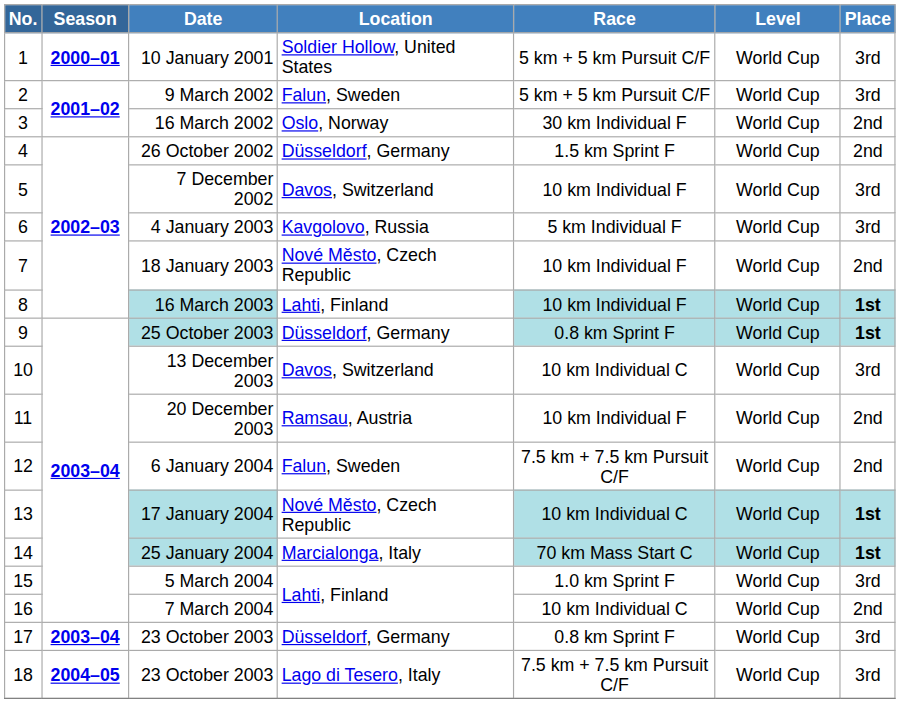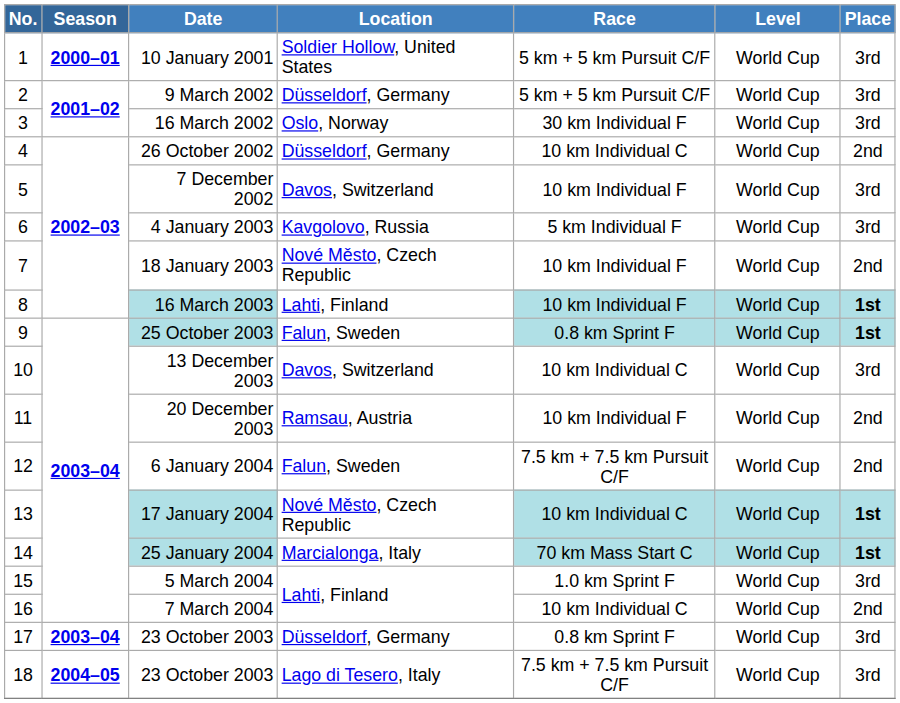 <table class="wikitable sortable" style="font-size:95%; text-align:center; border:grey solid 1px; border-collapse:collapse; background:#ffffff;">
 <tr style="background:#efefef;">
 <th style="background-color:#369; color:white;">No.</th>
 <th style="background-color:#369; color:white;">Season</th>
 <th style="background-color:#4180be; color:white; width:120px;">Date</th>
 <th style="background-color:#4180be; color:white; width:195px;">Location</th>
 <th style="background-color:#4180be; color:white; width:165px;">Race</th>
 <th style="background-color:#4180be; color:white; width:100px;">Level</th>
 <th style="background-color:#4180be; color:white;">Place</th>
 </tr>
 <tr>
 <td align=center>1</td>
 <td rowspan=1 align=center><strong> <a href='#'>2000–01</a> </strong></td>
 <td align=right>10 January 2001</td>
 <td align=left> <a href='#'>Soldier Hollow</a>, United States</td>
 <td>5 km + 5 km Pursuit C/F</td>
 <td>World Cup</td>
 <td>3rd</td>
 </tr>
 <tr>
 <td align=center>2</td>
 <td rowspan=2 align=center><strong> <a href='#'>2001–02</a> </strong></td>
 <td align=right>9 March 2002</td>
-<td align=left> <a href='#'>Falun</a>, Sweden</td>
+<td align=left> <a href='#'>Düsseldorf</a>, Germany</td>
 <td>5 km + 5 km Pursuit C/F</td>
 <td>World Cup</td>
 <td>3rd</td>
 </tr>
 <tr>
 <td align=center>3</td>
 <td align=right>16 March 2002</td>
 <td align=left> <a href='#'>Oslo</a>, Norway</td>
 <td>30 km Individual F</td>
 <td>World Cup</td>
-<td>2nd</td>
+<td>3rd</td>
 </tr>
 <tr>
 <td align=center>4</td>
 <td rowspan=5 align=center><strong> <a href='#'>2002–03</a> </strong></td>
 <td align=right>26 October 2002</td>
 <td align=left> <a href='#'>Düsseldorf</a>, Germany</td>
-<td>1.5 km Sprint F</td>
+<td>10 km Individual C</td>
 <td>World Cup</td>
 <td>2nd</td>
 </tr>
 <tr>
 <td align=center>5</td>
 <td align=right>7 December 2002</td>
 <td align=left> <a href='#'>Davos</a>, Switzerland</td>
 <td>10 km Individual F</td>
 <td>World Cup</td>
 <td>3rd</td>
 </tr>
 <tr>
 <td align=center>6</td>
 <td align=right>4 January 2003</td>
 <td align=left> <a href='#'>Kavgolovo</a>, Russia</td>
 <td>5 km Individual F</td>
 <td>World Cup</td>
 <td>3rd</td>
 </tr>
 <tr>
 <td align=center>7</td>
 <td align=right>18 January 2003</td>
 <td align=left> <a href='#'>Nové Město</a>, Czech Republic</td>
 <td>10 km Individual F</td>
 <td>World Cup</td>
 <td>2nd</td>
 </tr>
 <tr>
 <td align=center>8</td>
 <td bgcolor="#BOEOE6" align=right>16 March 2003</td>
 <td align=left> <a href='#'>Lahti</a>, Finland</td>
 <td bgcolor="#BOEOE6">10 km Individual F</td>
 <td bgcolor="#BOEOE6">World Cup</td>
 <td bgcolor="#BOEOE6"><strong>1st</strong></td>
 </tr>
 <tr>
 <td align=center>9</td>
 <td rowspan=8 align=center><strong><a href='#'>2003–04</a></strong></td>
 <td bgcolor="#BOEOE6" align=right>25 October 2003</td>
-<td align=left> <a href='#'>Düsseldorf</a>, Germany</td>
+<td align=left> <a href='#'>Falun</a>, Sweden</td>
 <td bgcolor="#BOEOE6">0.8 km Sprint F</td>
 <td bgcolor="#BOEOE6">World Cup</td>
 <td bgcolor="#BOEOE6"><strong>1st</strong></td>
 </tr>
 <tr>
 <td align=center>10</td>
 <td align=right>13 December 2003</td>
 <td align=left> <a href='#'>Davos</a>, Switzerland</td>
 <td>10 km Individual C</td>
 <td>World Cup</td>
 <td>3rd</td>
 </tr>
 <tr>
 <td align=center>11</td>
 <td align=right>20 December 2003</td>
 <td align=left> <a href='#'>Ramsau</a>, Austria</td>
 <td>10 km Individual F</td>
 <td>World Cup</td>
 <td>2nd</td>
 </tr>
 <tr>
 <td align=center>12</td>
 <td align=right>6 January 2004</td>
 <td align=left> <a href='#'>Falun</a>, Sweden</td>
 <td>7.5 km + 7.5 km Pursuit C/F</td>
 <td>World Cup</td>
 <td>2nd</td>
 </tr>
 <tr>
 <td align=center>13</td>
 <td bgcolor="#BOEOE6" align=right>17 January 2004</td>
 <td align=left> <a href='#'>Nové Město</a>, Czech Republic</td>
 <td bgcolor="#BOEOE6">10 km Individual C</td>
 <td bgcolor="#BOEOE6">World Cup</td>
 <td bgcolor="#BOEOE6"><strong>1st</strong></td>
 </tr>
 <tr>
 <td align=center>14</td>
 <td bgcolor="#BOEOE6" align=right>25 January 2004</td>
 <td align=left> <a href='#'>Marcialonga</a>, Italy</td>
 <td bgcolor="#BOEOE6">70 km Mass Start C</td>
 <td bgcolor="#BOEOE6">World Cup</td>
 <td bgcolor="#BOEOE6"><strong>1st</strong></td>
 </tr>
 <tr>
 <td align=center>15</td>
 <td align=right>5 March 2004</td>
 <td rowspan=2 align=left> <a href='#'>Lahti</a>, Finland</td>
 <td>1.0 km Sprint F</td>
 <td>World Cup</td>
 <td>3rd</td>
 </tr>
 <tr>
 <td align=center>16</td>
 <td align=right>7 March 2004</td>
 <td>10 km Individual C</td>
 <td>World Cup</td>
 <td>2nd</td>
 </tr>
 <tr>
 <td align=center>17</td>
 <td rowspan=1 align=center><strong> <a href='#'>2003–04</a> </strong></td>
 <td align=right>23 October 2003</td>
 <td align=left> <a href='#'>Düsseldorf</a>, Germany</td>
 <td>0.8 km Sprint F</td>
 <td>World Cup</td>
 <td>3rd</td>
 </tr>
 <tr>
 <td align=center>18</td>
 <td rowspan=1 align=center><strong> <a href='#'>2004–05</a> </strong></td>
 <td align=right>23 October 2003</td>
 <td align=left> <a href='#'>Lago di Tesero</a>, Italy</td>
 <td>7.5 km + 7.5 km Pursuit C/F</td>
 <td>World Cup</td>
 <td>3rd</td>
 </tr>
 <tr>
 </tr>
 </table>
